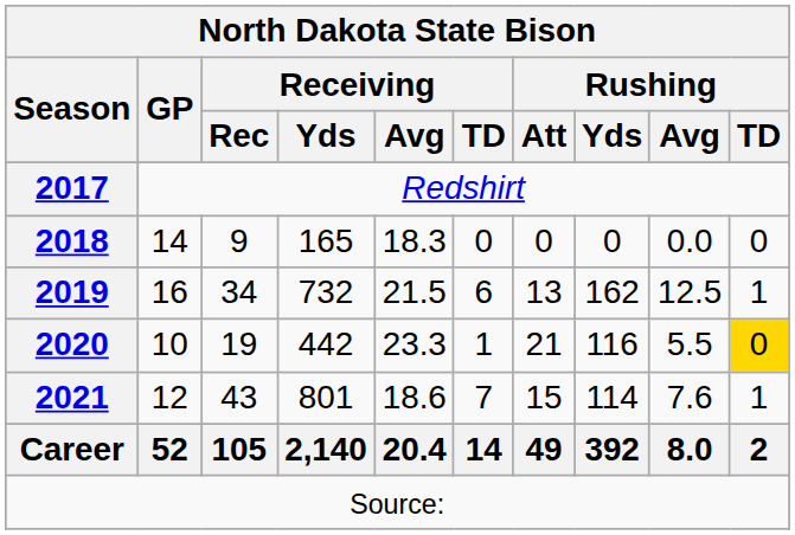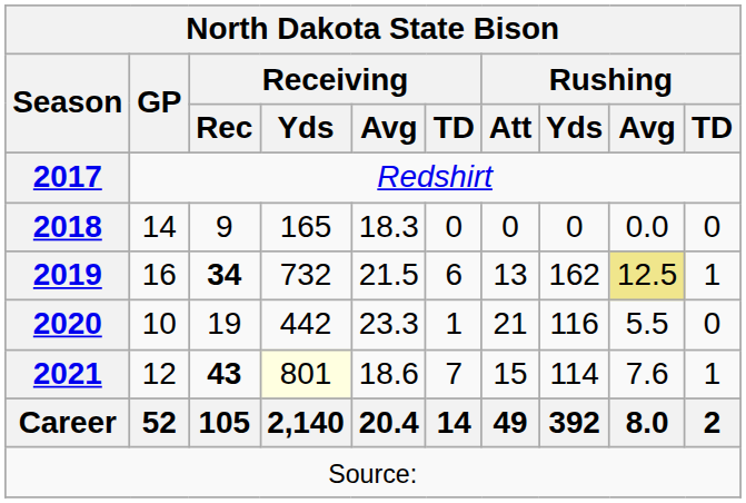 <table class="wikitable" style="text-align:center;">
 <tr>
 <th colspan="10">North Dakota State Bison</th>
 </tr>
 <tr>
 <th rowspan="2">Season</th>
 <th rowspan="2">GP</th>
 <th colspan="4">Receiving</th>
 <th colspan="4">Rushing</th>
 </tr>
 <tr>
 <th>Rec</th>
 <th>Yds</th>
 <th>Avg</th>
 <th>TD</th>
 <th>Att</th>
 <th>Yds</th>
 <th>Avg</th>
 <th>TD</th>
 </tr>
 <tr>
 <th><a href='#'>2017</a></th>
 <td colspan="9"> <em><a href='#'>Redshirt</a></em></td>
 </tr>
 <tr>
 <th><a href='#'>2018</a></th>
 <td>14</td>
 <td>9</td>
 <td>165</td>
 <td>18.3</td>
 <td>0</td>
 <td>0</td>
 <td>0</td>
 <td>0.0</td>
 <td>0</td>
 </tr>
 <tr>
 <th><a href='#'>2019</a></th>
 <td>16</td>
-<td>34</td>
+<td><strong>34</strong></td>
 <td>732</td>
 <td>21.5</td>
 <td>6</td>
 <td>13</td>
 <td>162</td>
-<td>12.5</td>
+<td style="background: khaki;">12.5</td>
 <td>1</td>
 </tr>
 <tr>
 <th><a href='#'>2020</a></th>
 <td>10</td>
 <td>19</td>
 <td>442</td>
 <td>23.3</td>
 <td>1</td>
 <td>21</td>
 <td>116</td>
 <td>5.5</td>
-<td style="background: gold;">0</td>
+<td>0</td>
 </tr>
 <tr>
 <th><a href='#'>2021</a></th>
 <td>12</td>
-<td>43</td>
-<td>801</td>
+<td><strong>43</strong></td>
+<td style="background: lightyellow;">801</td>
 <td>18.6</td>
 <td>7</td>
 <td>15</td>
 <td>114</td>
 <td>7.6</td>
 <td>1</td>
 </tr>
 <tr>
 <th>Career</th>
 <th>52</th>
 <th>105</th>
 <th>2,140</th>
 <th>20.4</th>
 <th>14</th>
 <th>49</th>
 <th>392</th>
 <th>8.0</th>
 <th>2</th>
 </tr>
 <tr>
 <td colspan="10"><small>Source: </small></td>
 </tr>
 </table>
